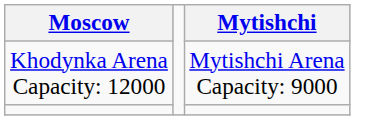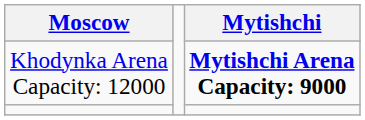 <table class="wikitable" style="text-align:center;">
 <tr>
 <th><a href='#'>Moscow</a></th>
 <td rowspan="3"></td>
 <th><a href='#'>Mytishchi</a></th>
 </tr>
 <tr>
 <td><a href='#'>Khodynka Arena</a><br>Capacity: 12000</td>
-<td><a href='#'>Mytishchi Arena</a><br>Capacity: 9000</td>
+<td><strong><a href='#'>Mytishchi Arena</a><br>Capacity: 9000</strong></td>
 </tr>
 <tr>
 <td></td>
 <td></td>
 </tr>
 </table>
